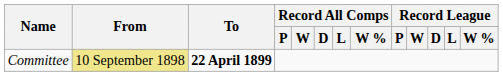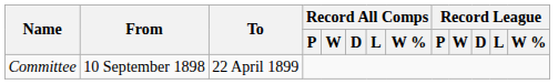 <table style="text-align: center" class="wikitable">
 <tr>
 <th rowspan="2">Name</th>
 <th rowspan="2">From</th>
 <th rowspan="2">To</th>
 <th colspan="5">Record All Comps</th>
 <th colspan="5">Record League</th>
 </tr>
 <tr>
 <th>P</th>
 <th>W</th>
 <th>D</th>
 <th>L</th>
 <th>W %</th>
 <th>P</th>
 <th>W</th>
 <th>D</th>
 <th>L</th>
 <th>W %</th>
 </tr>
 <tr>
 <td style="text-align:left;"><em>Committee</em></td>
-<td style="background: khaki; text-align:left;">10 September 1898</td>
-<td style="text-align:left;"><strong>22 April 1899<br> </strong></td>
+<td style="text-align:left;">10 September 1898</td>
+<td style="text-align:left;">22 April 1899<br> </td>
 </tr>
 </table>
